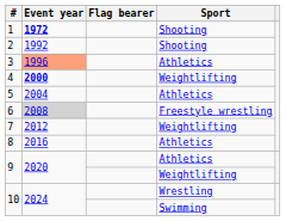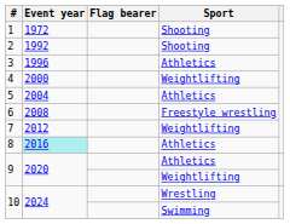 <table class="wikitable sortable">
 <tr>
 <th>#</th>
 <th>Event year</th>
 <th>Flag bearer</th>
 <th>Sport</th>
 <th></th>
 </tr>
 <tr>
 <td>1</td>
-<td><strong><a href='#'>1972</a></strong></td>
+<td><a href='#'>1972</a></td>
 <td></td>
 <td><a href='#'>Shooting</a></td>
 <td rowspan=8></td>
 </tr>
 <tr>
 <td>2</td>
 <td><a href='#'>1992</a></td>
 <td></td>
 <td><a href='#'>Shooting</a></td>
 </tr>
 <tr>
 <td>3</td>
-<td style="background: lightsalmon;"><a href='#'>1996</a></td>
+<td><a href='#'>1996</a></td>
 <td></td>
 <td><a href='#'>Athletics</a></td>
 </tr>
 <tr>
 <td>4</td>
-<td><strong><a href='#'>2000</a></strong></td>
+<td><a href='#'>2000</a></td>
 <td></td>
 <td><a href='#'>Weightlifting</a></td>
 </tr>
 <tr>
 <td>5</td>
 <td><a href='#'>2004</a></td>
 <td></td>
 <td><a href='#'>Athletics</a></td>
 </tr>
 <tr>
 <td>6</td>
-<td style="background: lightgrey;"><a href='#'>2008</a></td>
+<td><a href='#'>2008</a></td>
 <td></td>
 <td><a href='#'>Freestyle wrestling</a></td>
 </tr>
 <tr>
 <td>7</td>
 <td><a href='#'>2012</a></td>
 <td></td>
 <td><a href='#'>Weightlifting</a></td>
 </tr>
 <tr>
 <td>8</td>
-<td><a href='#'>2016</a></td>
+<td style="background: paleturquoise;"><a href='#'>2016</a></td>
 <td></td>
 <td><a href='#'>Athletics</a></td>
 </tr>
 <tr>
 <td rowspan=2>9</td>
 <td rowspan=2><a href='#'>2020</a></td>
 <td></td>
 <td><a href='#'>Athletics</a></td>
 <td rowspan=2></td>
 </tr>
 <tr>
 <td></td>
 <td><a href='#'>Weightlifting</a></td>
 </tr>
 <tr>
 <td rowspan=2>10</td>
 <td rowspan=2><a href='#'>2024</a></td>
 <td></td>
 <td><a href='#'>Wrestling</a></td>
 <td rowspan=2></td>
 </tr>
 <tr>
 <td></td>
 <td><a href='#'>Swimming</a></td>
 </tr>
 </table>
